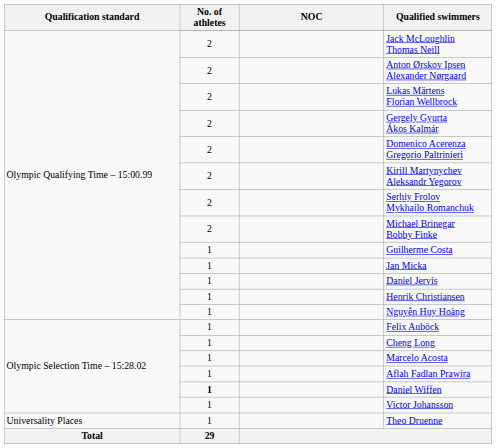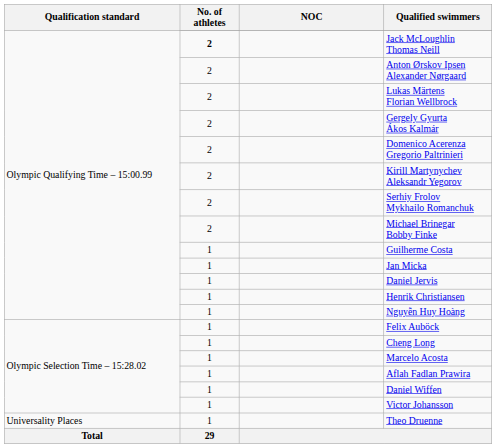 <table class=wikitable style="text-align:left" width=800>
 <tr>
 <th>Qualification standard</th>
 <th width=90>No. of athletes</th>
 <th width=230>NOC</th>
 <th>Qualified swimmers</th>
 </tr>
 <tr>
 <td rowspan=14>Olympic Qualifying Time – 15:00.99</td>
 </tr>
 <tr>
-<td align=center>2</td>
+<td align=center><strong>2</strong></td>
 <td></td>
 <td><a href='#'>Jack McLoughlin</a><br><a href='#'>Thomas Neill</a></td>
 </tr>
 <tr>
 <td align=center>2</td>
 <td></td>
 <td><a href='#'>Anton Ørskov Ipsen</a><br><a href='#'>Alexander Nørgaard</a></td>
 </tr>
 <tr>
 <td align=center>2</td>
 <td></td>
 <td><a href='#'>Lukas Märtens</a><br><a href='#'>Florian Wellbrock</a></td>
 </tr>
 <tr>
 <td align=center>2</td>
 <td></td>
 <td><a href='#'>Gergely Gyurta</a><br><a href='#'>Ákos Kalmár</a></td>
 </tr>
 <tr>
 <td align=center>2</td>
 <td></td>
 <td><a href='#'>Domenico Acerenza</a><br><a href='#'>Gregorio Paltrinieri</a></td>
 </tr>
 <tr>
 <td align=center>2</td>
 <td></td>
 <td><a href='#'>Kirill Martynychev</a><br><a href='#'>Aleksandr Yegorov</a></td>
 </tr>
 <tr>
 <td align=center>2</td>
 <td></td>
 <td><a href='#'>Serhiy Frolov</a><br><a href='#'>Mykhailo Romanchuk</a></td>
 </tr>
 <tr>
 <td align=center>2</td>
 <td></td>
 <td><a href='#'>Michael Brinegar</a><br><a href='#'>Bobby Finke</a></td>
 </tr>
 <tr>
 <td align=center>1</td>
 <td></td>
 <td><a href='#'>Guilherme Costa</a></td>
 </tr>
 <tr>
 <td align=center>1</td>
 <td></td>
 <td><a href='#'>Jan Micka</a></td>
 </tr>
 <tr>
 <td align=center>1</td>
 <td></td>
 <td><a href='#'>Daniel Jervis</a></td>
 </tr>
 <tr>
 <td align=center>1</td>
 <td></td>
 <td><a href='#'>Henrik Christiansen</a></td>
 </tr>
 <tr>
 <td align=center>1</td>
 <td></td>
 <td><a href='#'>Nguyễn Huy Hoàng</a></td>
 </tr>
 <tr>
 <td rowspan=6>Olympic Selection Time – 15:28.02</td>
 <td align=center>1</td>
 <td></td>
 <td><a href='#'>Felix Auböck</a></td>
 </tr>
 <tr>
 <td align=center>1</td>
 <td></td>
 <td><a href='#'>Cheng Long</a></td>
 </tr>
 <tr>
 <td align=center>1</td>
 <td></td>
 <td><a href='#'>Marcelo Acosta</a></td>
 </tr>
 <tr>
 <td align=center>1</td>
 <td></td>
 <td><a href='#'>Aflah Fadlan Prawira</a></td>
 </tr>
 <tr>
-<td align=center><strong>1</strong></td>
+<td align=center>1</td>
 <td></td>
 <td><a href='#'>Daniel Wiffen</a></td>
 </tr>
 <tr>
 <td align=center>1</td>
 <td></td>
 <td><a href='#'>Victor Johansson</a></td>
 </tr>
 <tr>
 <td>Universality Places</td>
 <td align=center>1</td>
 <td></td>
 <td><a href='#'>Theo Druenne</a></td>
 </tr>
 <tr>
 <th><strong>Total</strong></th>
 <th>29</th>
 <th colspan=2></th>
 </tr>
 </table>
